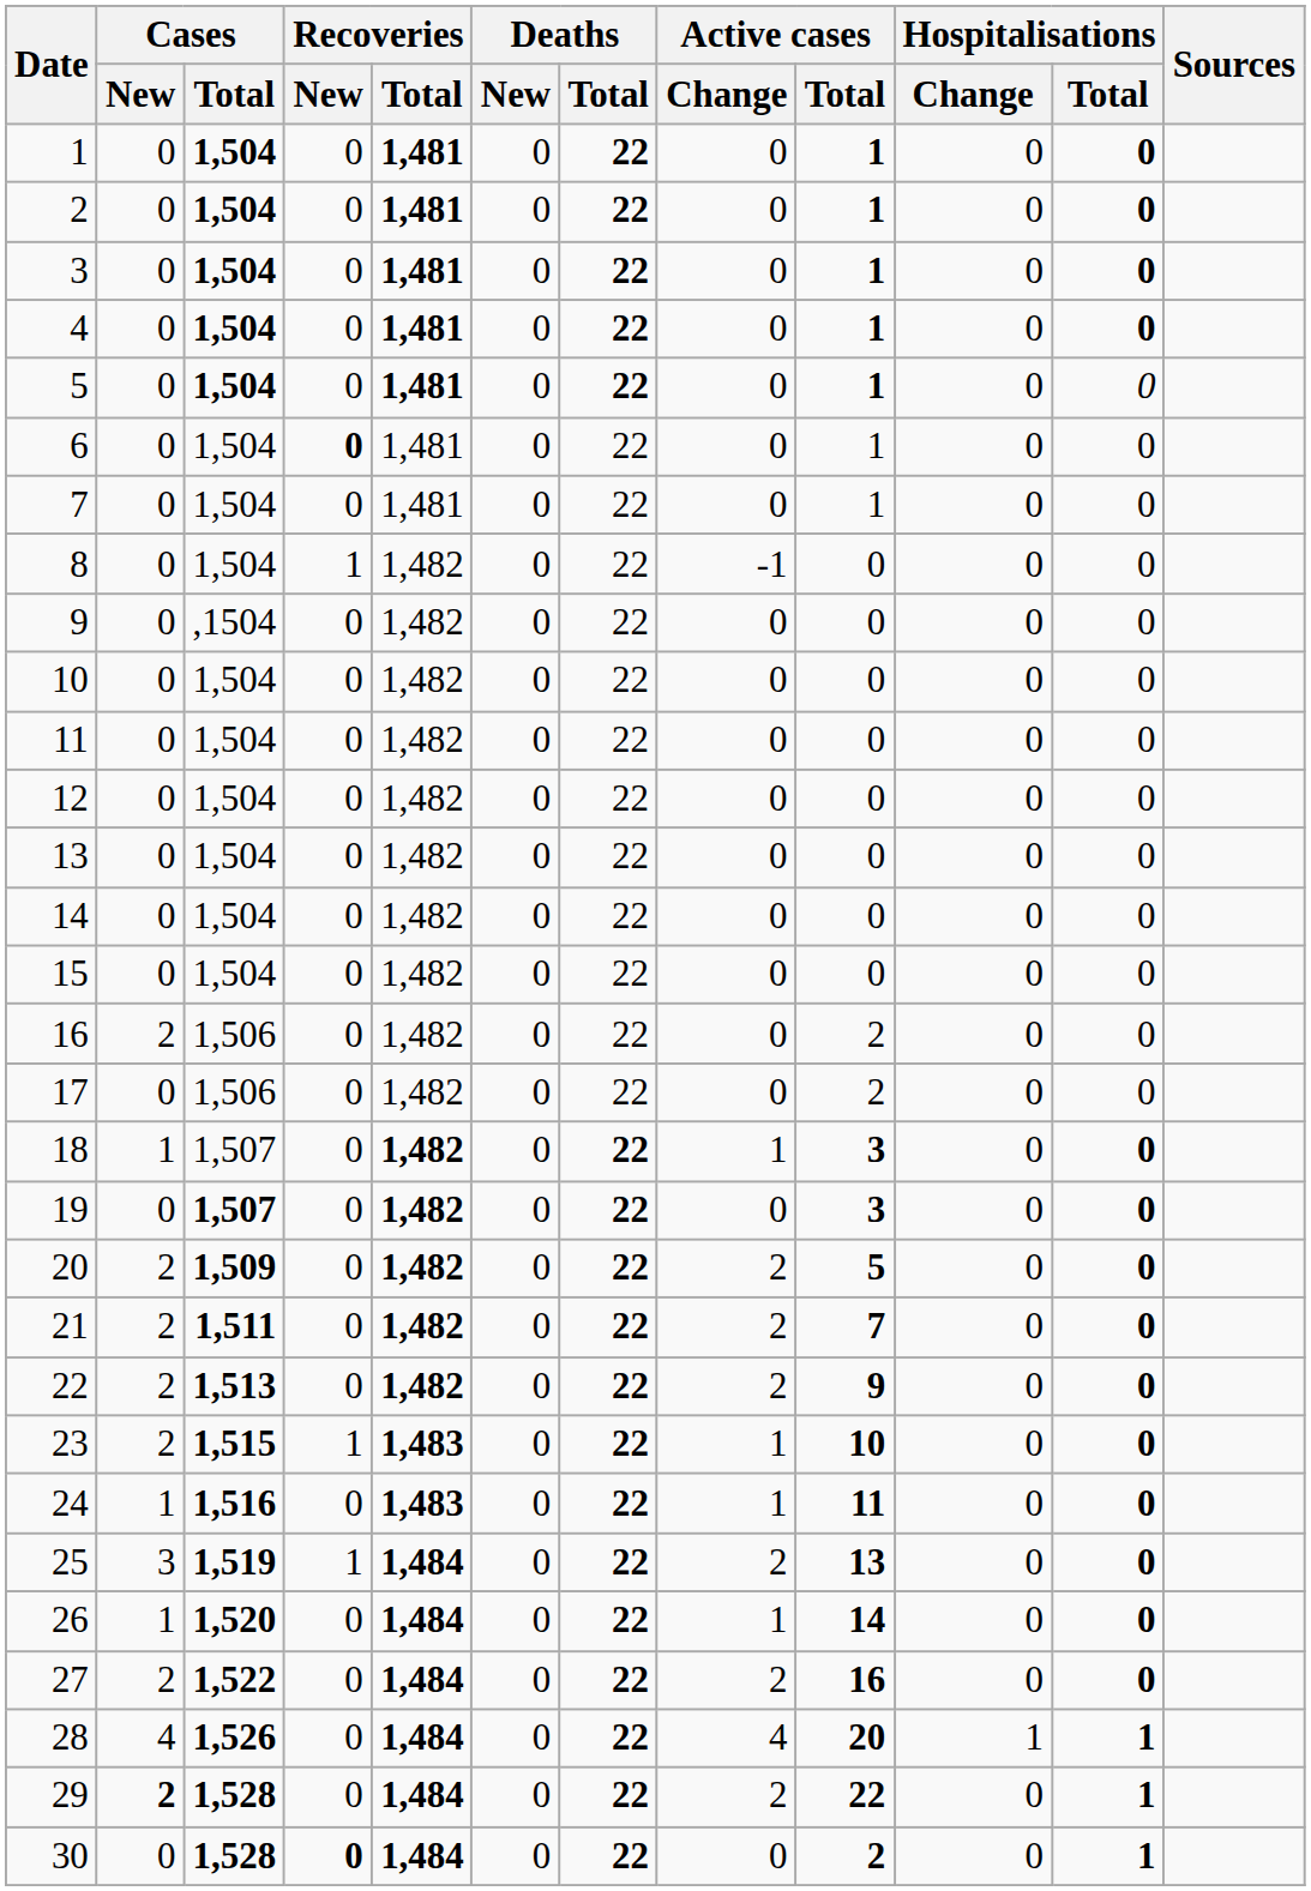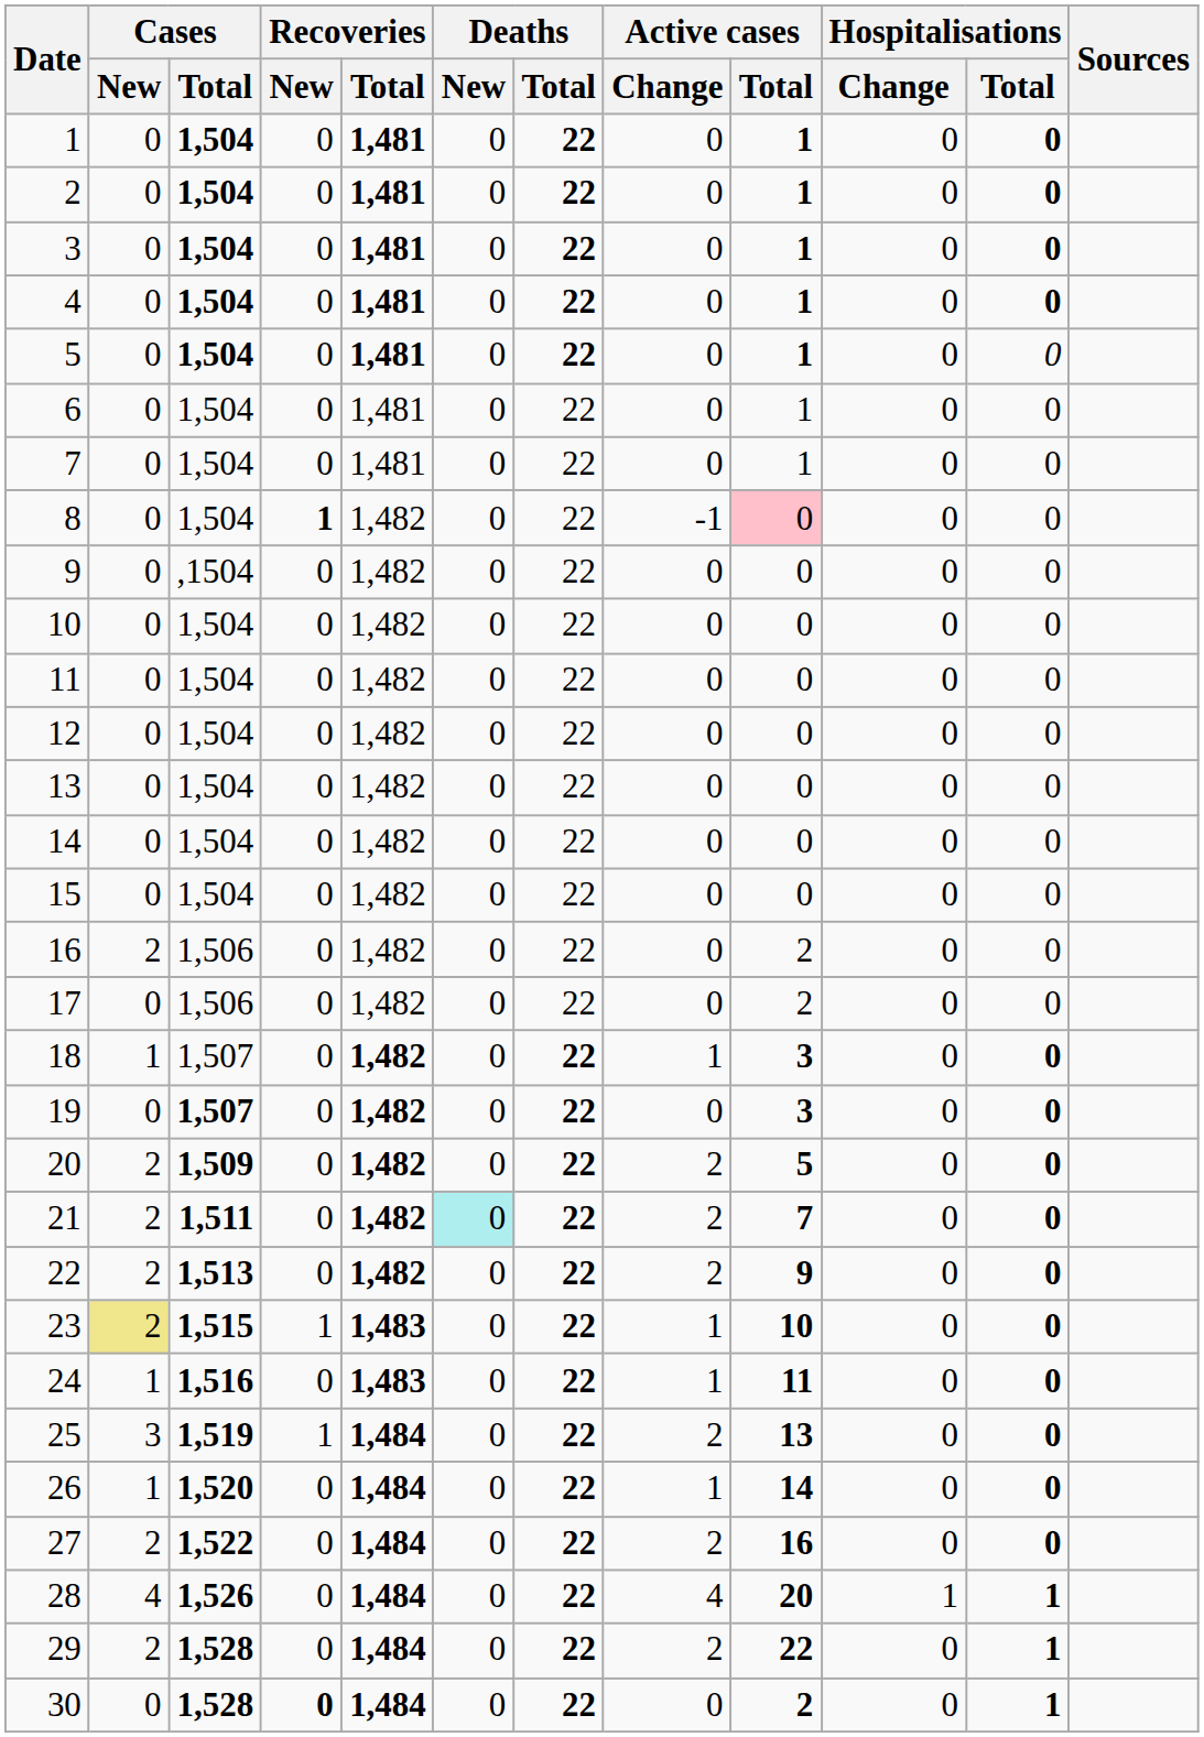 <table class="wikitable sortable mw-collapsible mw-collapsed sticky-header-multi sort-under" style="text-align:right;">
 <tr>
 <th rowspan=2>Date</th>
 <th colspan=2>Cases</th>
 <th colspan=2>Recoveries</th>
 <th colspan=2>Deaths</th>
 <th colspan=2>Active cases</th>
 <th colspan=2>Hospitalisations</th>
 <th rowspan=2 class="unsortable">Sources</th>
 </tr>
 <tr>
 <th>New</th>
 <th>Total</th>
 <th>New</th>
 <th>Total</th>
 <th>New</th>
 <th>Total</th>
 <th>Change</th>
 <th>Total</th>
 <th>Change</th>
 <th>Total</th>
 </tr>
 <tr>
 <td>1</td>
 <td>0</td>
 <td><strong>1,504</strong></td>
 <td>0</td>
 <td><strong>1,481</strong></td>
 <td>0</td>
 <td><strong>22</strong></td>
 <td>0</td>
 <td><strong>1</strong></td>
 <td>0</td>
 <td><strong>0</strong></td>
 <td></td>
 </tr>
 <tr>
 <td>2</td>
 <td>0</td>
 <td><strong>1,504</strong></td>
 <td>0</td>
 <td><strong>1,481</strong></td>
 <td>0</td>
 <td><strong>22</strong></td>
 <td>0</td>
 <td><strong>1</strong></td>
 <td>0</td>
 <td><strong>0</strong></td>
 <td></td>
 </tr>
 <tr>
 <td>3</td>
 <td>0</td>
 <td><strong>1,504</strong></td>
 <td>0</td>
 <td><strong>1,481</strong></td>
 <td>0</td>
 <td><strong>22</strong></td>
 <td>0</td>
 <td><strong>1</strong></td>
 <td>0</td>
 <td><strong>0</strong></td>
 <td></td>
 </tr>
 <tr>
 <td>4</td>
 <td>0</td>
 <td><strong>1,504</strong></td>
 <td>0</td>
 <td><strong>1,481</strong></td>
 <td>0</td>
 <td><strong>22</strong></td>
 <td>0</td>
 <td><strong>1</strong></td>
 <td>0</td>
 <td><strong>0</strong></td>
 <td></td>
 </tr>
 <tr>
 <td>5</td>
 <td>0</td>
 <td><strong>1,504</strong></td>
 <td>0</td>
 <td><strong>1,481</strong></td>
 <td>0</td>
 <td><strong>22</strong></td>
 <td>0</td>
 <td><strong>1</strong></td>
 <td>0</td>
 <td><em>0<strong></td>
 <td></td>
 </tr>
 <tr>
 <td>6</td>
 <td>0</td>
 <td></strong>1,504<strong></td>
-<td><strong>0</strong></td>
+<td>0</td>
 <td></strong>1,481<strong></td>
 <td>0</td>
 <td></strong>22<strong></td>
 <td>0</td>
 <td></strong>1<strong></td>
 <td>0</td>
 <td></strong>0<strong></td>
 <td></td>
 </tr>
 <tr>
 <td>7</td>
 <td>0</td>
 <td></strong>1,504<strong></td>
 <td>0</td>
 <td></strong>1,481<strong></td>
 <td>0</td>
 <td></strong>22<strong></td>
 <td>0</td>
 <td></strong>1<strong></td>
 <td>0</td>
 <td></strong>0<strong></td>
 <td></td>
 </tr>
 <tr>
 <td>8</td>
 <td>0</td>
 <td></strong>1,504<strong></td>
-<td>1</td>
+<td><strong>1</strong></td>
 <td></strong>1,482<strong></td>
 <td>0</td>
 <td></strong>22<strong></td>
 <td>-1</td>
-<td></strong>0<strong></td>
+<td style="background: pink;"></strong>0<strong></td>
 <td>0</td>
 <td></strong>0<strong></td>
 <td></td>
 </tr>
 <tr>
 <td>9</td>
 <td>0</td>
 <td></strong>,1504<strong></td>
 <td>0</td>
 <td></strong>1,482<strong></td>
 <td>0</td>
 <td></strong>22<strong></td>
 <td>0</td>
 <td></strong>0<strong></td>
 <td>0</td>
 <td></strong>0<strong></td>
 <td></td>
 </tr>
 <tr>
 <td>10</td>
 <td>0</td>
 <td></strong>1,504<strong></td>
 <td>0</td>
 <td></strong>1,482<strong></td>
 <td>0</td>
 <td></strong>22<strong></td>
 <td>0</td>
 <td></strong>0<strong></td>
 <td>0</td>
 <td></strong>0<strong></td>
 <td></td>
 </tr>
 <tr>
 <td>11</td>
 <td>0</td>
 <td></strong>1,504<strong></td>
 <td>0</td>
 <td></strong>1,482<strong></td>
 <td>0</td>
 <td></strong>22<strong></td>
 <td>0</td>
 <td></strong>0<strong></td>
 <td>0</td>
 <td></strong>0<strong></td>
 <td></td>
 </tr>
 <tr>
 <td>12</td>
 <td>0</td>
 <td></strong>1,504<strong></td>
 <td>0</td>
 <td></strong>1,482<strong></td>
 <td>0</td>
 <td></strong>22<strong></td>
 <td>0</td>
 <td></strong>0<strong></td>
 <td>0</td>
 <td></strong>0<strong></td>
 <td></td>
 </tr>
 <tr>
 <td>13</td>
 <td>0</td>
 <td></strong>1,504<strong></td>
 <td>0</td>
 <td></strong>1,482<strong></td>
 <td>0</td>
 <td></strong>22<strong></td>
 <td>0</td>
 <td></strong>0<strong></td>
 <td>0</td>
 <td></strong>0<strong></td>
 <td></td>
 </tr>
 <tr>
 <td>14</td>
 <td>0</td>
 <td></strong>1,504<strong></td>
 <td>0</td>
 <td></strong>1,482<strong></td>
 <td>0</td>
 <td></strong>22<strong></td>
 <td>0</td>
 <td></strong>0<strong></td>
 <td>0</td>
 <td></strong>0<strong></td>
 <td></td>
 </tr>
 <tr>
 <td>15</td>
 <td>0</td>
 <td></strong>1,504<strong></td>
 <td>0</td>
 <td></strong>1,482<strong></td>
 <td>0</td>
 <td></strong>22<strong></td>
 <td>0</td>
 <td></strong>0<strong></td>
 <td>0</td>
 <td></strong>0<strong></td>
 <td></td>
 </tr>
 <tr>
 <td>16</td>
 <td>2</td>
 <td></strong>1,506<strong></td>
 <td>0</td>
 <td></strong>1,482<strong></td>
 <td>0</td>
 <td></strong>22<strong></td>
 <td>0</td>
 <td></strong>2<strong></td>
 <td>0</td>
 <td></strong>0<strong></td>
 <td></td>
 </tr>
 <tr>
 <td>17</td>
 <td>0</td>
 <td></strong>1,506<strong></td>
 <td>0</td>
 <td></strong>1,482<strong></td>
 <td>0</td>
 <td></strong>22<strong></td>
 <td>0</td>
 <td></strong>2<strong></td>
 <td>0</td>
 <td></strong>0<strong></td>
 <td></td>
 </tr>
 <tr>
 <td>18</td>
 <td>1</td>
 <td></em>1,507</strong></td>
 <td>0</td>
 <td><strong>1,482</strong></td>
 <td>0</td>
 <td><strong>22</strong></td>
 <td>1</td>
 <td><strong>3</strong></td>
 <td>0</td>
 <td><strong>0</strong></td>
 <td></td>
 </tr>
 <tr>
 <td>19</td>
 <td>0</td>
 <td><strong>1,507</strong></td>
 <td>0</td>
 <td><strong>1,482</strong></td>
 <td>0</td>
 <td><strong>22</strong></td>
 <td>0</td>
 <td><strong>3</strong></td>
 <td>0</td>
 <td><strong>0</strong></td>
 <td></td>
 </tr>
 <tr>
 <td>20</td>
 <td>2</td>
 <td><strong>1,509</strong></td>
 <td>0</td>
 <td><strong>1,482</strong></td>
 <td>0</td>
 <td><strong>22</strong></td>
 <td>2</td>
 <td><strong>5</strong></td>
 <td>0</td>
 <td><strong>0</strong></td>
 <td></td>
 </tr>
 <tr>
 <td>21</td>
 <td>2</td>
 <td><strong>1,511</strong></td>
 <td>0</td>
 <td><strong>1,482</strong></td>
-<td>0</td>
+<td style="background: paleturquoise;">0</td>
 <td><strong>22</strong></td>
 <td>2</td>
 <td><strong>7</strong></td>
 <td>0</td>
 <td><strong>0</strong></td>
 <td></td>
 </tr>
 <tr>
 <td>22</td>
 <td>2</td>
 <td><strong>1,513</strong></td>
 <td>0</td>
 <td><strong>1,482</strong></td>
 <td>0</td>
 <td><strong>22</strong></td>
 <td>2</td>
 <td><strong>9</strong></td>
 <td>0</td>
 <td><strong>0</strong></td>
 <td></td>
 </tr>
 <tr>
 <td>23</td>
-<td>2</td>
+<td style="background: khaki;">2</td>
 <td><strong>1,515</strong></td>
 <td>1</td>
 <td><strong>1,483</strong></td>
 <td>0</td>
 <td><strong>22</strong></td>
 <td>1</td>
 <td><strong>10</strong></td>
 <td>0</td>
 <td><strong>0</strong></td>
 <td></td>
 </tr>
 <tr>
 <td>24</td>
 <td>1</td>
 <td><strong>1,516</strong></td>
 <td>0</td>
 <td><strong>1,483</strong></td>
 <td>0</td>
 <td><strong>22</strong></td>
 <td>1</td>
 <td><strong>11</strong></td>
 <td>0</td>
 <td><strong>0</strong></td>
 <td></td>
 </tr>
 <tr>
 <td>25</td>
 <td>3</td>
 <td><strong>1,519</strong></td>
 <td>1</td>
 <td><strong>1,484</strong></td>
 <td>0</td>
 <td><strong>22</strong></td>
 <td>2</td>
 <td><strong>13</strong></td>
 <td>0</td>
 <td><strong>0</strong></td>
 <td></td>
 </tr>
 <tr>
 <td>26</td>
 <td>1</td>
 <td><strong>1,520</strong></td>
 <td>0</td>
 <td><strong>1,484</strong></td>
 <td>0</td>
 <td><strong>22</strong></td>
 <td>1</td>
 <td><strong>14</strong></td>
 <td>0</td>
 <td><strong>0</strong></td>
 <td></td>
 </tr>
 <tr>
 <td>27</td>
 <td>2</td>
 <td><strong>1,522</strong></td>
 <td>0</td>
 <td><strong>1,484</strong></td>
 <td>0</td>
 <td><strong>22</strong></td>
 <td>2</td>
 <td><strong>16</strong></td>
 <td>0</td>
 <td><strong>0</strong></td>
 <td></td>
 </tr>
 <tr>
 <td>28</td>
 <td>4</td>
 <td><strong>1,526</strong></td>
 <td>0</td>
 <td><strong>1,484</strong></td>
 <td>0</td>
 <td><strong>22</strong></td>
 <td>4</td>
 <td><strong>20</strong></td>
 <td>1</td>
 <td><strong>1</strong></td>
 <td></td>
 </tr>
 <tr>
 <td>29</td>
-<td><strong>2</strong></td>
+<td>2</td>
 <td><strong>1,528</strong></td>
 <td>0</td>
 <td><strong>1,484</strong></td>
 <td>0</td>
 <td><strong>22</strong></td>
 <td>2</td>
 <td><strong>22</strong></td>
 <td>0</td>
 <td><strong>1</strong></td>
 <td></td>
 </tr>
 <tr>
 <td>30</td>
 <td>0</td>
 <td><strong>1,528</strong></td>
 <td><strong>0</strong></td>
 <td><strong>1,484</strong></td>
 <td>0</td>
 <td><strong>22</strong></td>
 <td>0</td>
 <td><strong>2</strong></td>
 <td>0</td>
 <td><strong>1</strong></td>
 <td></td>
 </tr>
 </table>
